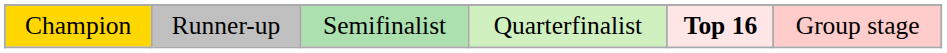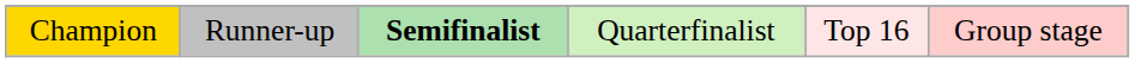 <table class="wikitable" style="font-size:90%; text-align:center;" width=60%>
 <tr>
 </tr>
 <tr>
 <td style="background:gold;">Champion</td>
 <td style="background:silver;">Runner-up</td>
-<td style="background:#ACE1AF;">Semifinalist</td>
+<td style="background:#ACE1AF;"><strong>Semifinalist</strong></td>
 <td style="background:#D0F0C0;">Quarterfinalist</td>
-<td style="background:#FFE6E6;"><strong>Top 16</strong></td>
+<td style="background:#FFE6E6;">Top 16</td>
 <td style="background:#fcc;">Group stage</td>
 </tr>
 </table>
